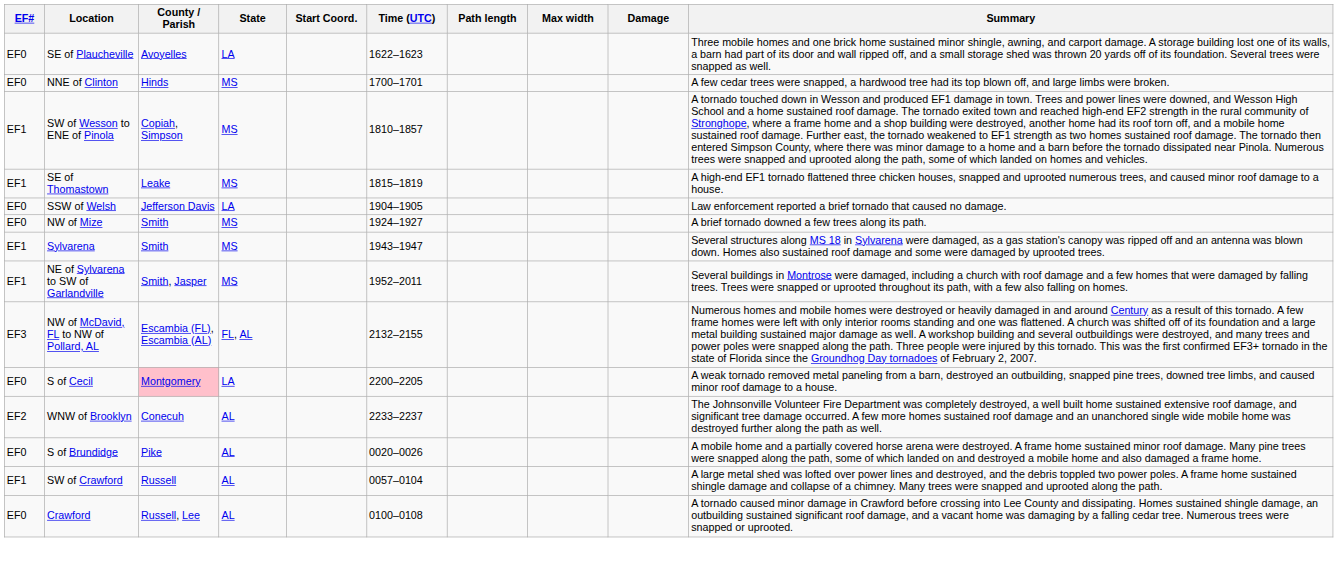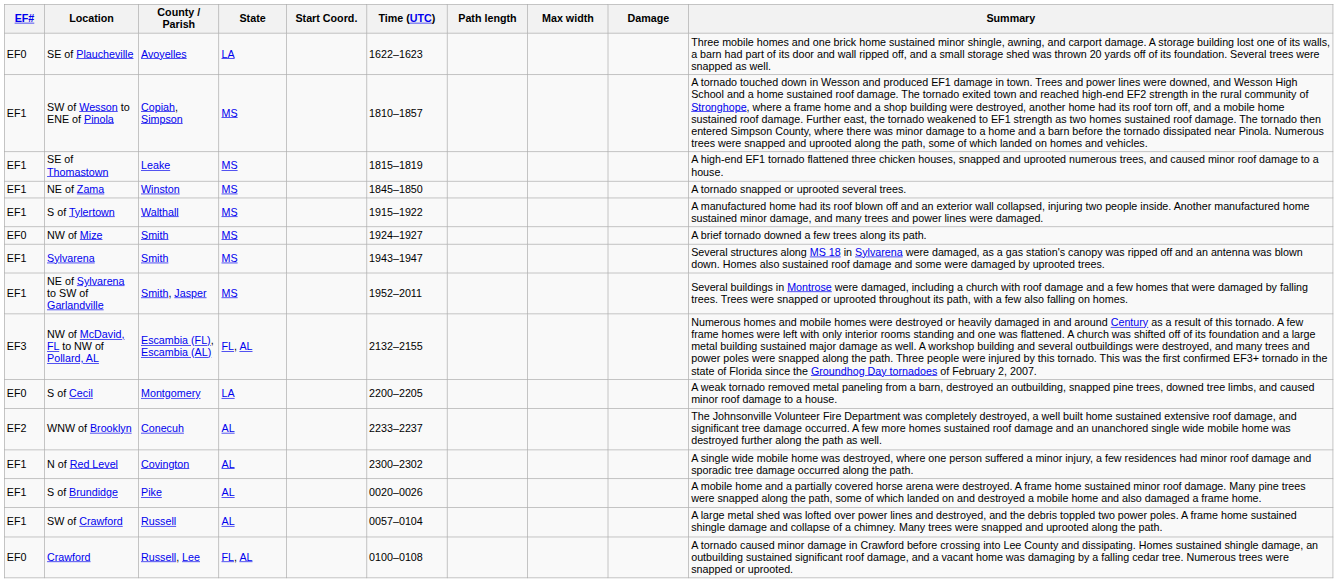 <table class="wikitable sortable" style="width:100%;">
 <tr>
 <th scope="col"  style="width:3%; text-align:center;"><a href='#'>EF#</a></th>
 <th scope="col"  style="width:7%; text-align:center;" class="unsortable">Location</th>
 <th scope="col"  style="width:6%; text-align:center;" class="unsortable">County / Parish</th>
 <th scope="col"  style="width:5%; text-align:center;">State</th>
 <th scope="col"  style="width:6%; text-align:center;">Start Coord.</th>
 <th scope="col"  style="width:6%; text-align:center;">Time (<a href='#'>UTC</a>)</th>
 <th scope="col"  style="width:6%; text-align:center;">Path length</th>
 <th scope="col"  style="width:6%; text-align:center;">Max width</th>
 <th scope="col"  style="width:6%; text-align:center;">Damage</th>
 <th scope="col" class="unsortable" style="width:48%; text-align:center;">Summary</th>
 </tr>
 <tr>
 <td>EF0</td>
 <td>SE of <a href='#'>Plaucheville</a></td>
 <td><a href='#'>Avoyelles</a></td>
 <td><a href='#'>LA</a></td>
 <td></td>
 <td>1622–1623</td>
 <td></td>
 <td></td>
 <td></td>
 <td>Three mobile homes and one brick home sustained minor shingle, awning, and carport damage. A storage building lost one of its walls, a barn had part of its door and wall ripped off, and a small storage shed was thrown 20 yards off of its foundation. Several trees were snapped as well.</td>
 </tr>
 <tr>
-<td>EF0</td>
-<td>NNE of <a href='#'>Clinton</a></td>
-<td><a href='#'>Hinds</a></td>
-<td><a href='#'>MS</a></td>
-<td></td>
-<td>1700–1701</td>
-<td></td>
-<td></td>
-<td></td>
-<td>A few cedar trees were snapped, a hardwood tree had its top blown off, and large limbs were broken.</td>
-</tr>
-<tr>
 <td>EF1</td>
 <td>SW of <a href='#'>Wesson</a> to ENE of <a href='#'>Pinola</a></td>
 <td><a href='#'>Copiah</a>, <a href='#'>Simpson</a></td>
 <td><a href='#'>MS</a></td>
 <td></td>
 <td>1810–1857</td>
 <td></td>
 <td></td>
 <td></td>
 <td>A tornado touched down in Wesson and produced EF1 damage in town. Trees and power lines were downed, and Wesson High School and a home sustained roof damage. The tornado exited town and reached high-end EF2 strength in the rural community of <a href='#'>Stronghope</a>, where a frame home and a shop building were destroyed, another home had its roof torn off,  and a mobile home sustained roof damage. Further east, the tornado weakened to EF1 strength as two homes sustained roof damage. The tornado then entered Simpson County, where there was minor damage to a home and a barn before the tornado dissipated near Pinola. Numerous trees were snapped and uprooted along the path, some of which landed on homes and vehicles.</td>
 </tr>
 <tr>
 <td>EF1</td>
 <td>SE of <a href='#'>Thomastown</a></td>
 <td><a href='#'>Leake</a></td>
 <td><a href='#'>MS</a></td>
 <td></td>
 <td>1815–1819</td>
 <td></td>
 <td></td>
 <td></td>
 <td>A high-end EF1 tornado flattened three chicken houses, snapped and uprooted numerous trees, and caused minor roof damage to a house.</td>
 </tr>
 <tr>
-<td>EF0</td>
-<td>SSW of <a href='#'>Welsh</a></td>
-<td><a href='#'>Jefferson Davis</a></td>
-<td><a href='#'>LA</a></td>
+<td>EF1</td>
+<td>NE of <a href='#'>Zama</a></td>
+<td><a href='#'>Winston</a></td>
+<td><a href='#'>MS</a></td>
 <td></td>
-<td>1904–1905</td>
+<td>1845–1850</td>
 <td></td>
 <td></td>
 <td></td>
-<td>Law enforcement reported a brief tornado that caused no damage.</td>
+<td>A tornado snapped or uprooted several trees.</td>
+</tr>
+<tr>
+<td>EF1</td>
+<td>S of <a href='#'>Tylertown</a></td>
+<td><a href='#'>Walthall</a></td>
+<td><a href='#'>MS</a></td>
+<td></td>
+<td>1915–1922</td>
+<td></td>
+<td></td>
+<td></td>
+<td>A manufactured home had its roof blown off and an exterior wall collapsed, injuring two people inside. Another manufactured home sustained minor damage, and many trees and power lines were damaged.</td>
 </tr>
 <tr>
 <td>EF0</td>
 <td>NW of <a href='#'>Mize</a></td>
 <td><a href='#'>Smith</a></td>
 <td><a href='#'>MS</a></td>
 <td></td>
 <td>1924–1927</td>
 <td></td>
 <td></td>
 <td></td>
 <td>A brief tornado downed a few trees along its path.</td>
 </tr>
 <tr>
 <td>EF1</td>
 <td><a href='#'>Sylvarena</a></td>
 <td><a href='#'>Smith</a></td>
 <td><a href='#'>MS</a></td>
 <td></td>
 <td>1943–1947</td>
 <td></td>
 <td></td>
 <td></td>
 <td>Several structures along <a href='#'>MS 18</a> in <a href='#'>Sylvarena</a> were damaged, as a gas station's canopy was ripped off and an antenna was blown down. Homes also sustained roof damage and some were damaged by uprooted trees.</td>
 </tr>
 <tr>
 <td>EF1</td>
 <td>NE of <a href='#'>Sylvarena</a> to SW of <a href='#'>Garlandville</a></td>
 <td><a href='#'>Smith</a>, <a href='#'>Jasper</a></td>
 <td><a href='#'>MS</a></td>
 <td></td>
 <td>1952–2011</td>
 <td></td>
 <td></td>
 <td></td>
 <td>Several buildings in <a href='#'>Montrose</a> were damaged, including a church with roof damage and a few homes that were damaged by falling trees. Trees were snapped or uprooted throughout its path, with a few also falling on homes.</td>
 </tr>
 <tr>
 <td>EF3</td>
 <td>NW of <a href='#'>McDavid, FL</a> to NW of <a href='#'>Pollard, AL</a></td>
 <td><a href='#'>Escambia (FL)</a>, <a href='#'>Escambia (AL)</a></td>
 <td><a href='#'>FL</a>, <a href='#'>AL</a></td>
 <td></td>
 <td>2132–2155</td>
 <td></td>
 <td></td>
 <td></td>
 <td>Numerous homes and mobile homes were destroyed or heavily damaged in and around <a href='#'>Century</a> as a result of this tornado. A few frame homes were left with only interior rooms standing and one was flattened. A church was shifted off of its foundation and a large metal building sustained major damage as well. A workshop building and several outbuildings were destroyed, and many trees and power poles were snapped along the path. Three people were injured by this tornado. This was the first confirmed EF3+ tornado in the state of Florida since the <a href='#'>Groundhog Day tornadoes</a> of February 2, 2007.</td>
 </tr>
 <tr>
 <td>EF0</td>
 <td>S of <a href='#'>Cecil</a></td>
-<td style="background: pink;"><a href='#'>Montgomery</a></td>
+<td><a href='#'>Montgomery</a></td>
 <td><a href='#'>LA</a></td>
 <td></td>
 <td>2200–2205</td>
 <td></td>
 <td></td>
 <td></td>
 <td>A weak tornado removed metal paneling from a barn, destroyed an outbuilding, snapped pine trees, downed tree limbs, and caused minor roof damage to a house.</td>
 </tr>
 <tr>
 <td>EF2</td>
 <td>WNW of <a href='#'>Brooklyn</a></td>
 <td><a href='#'>Conecuh</a></td>
 <td><a href='#'>AL</a></td>
 <td></td>
 <td>2233–2237</td>
 <td></td>
 <td></td>
 <td></td>
 <td>The Johnsonville Volunteer Fire Department was completely destroyed, a well built home sustained extensive roof damage, and significant tree damage occurred. A few more homes sustained roof damage and an unanchored single wide mobile home was destroyed further along the path as well.</td>
 </tr>
 <tr>
-<td>EF0</td>
+<td>EF1</td>
+<td>N of <a href='#'>Red Level</a></td>
+<td><a href='#'>Covington</a></td>
+<td><a href='#'>AL</a></td>
+<td></td>
+<td>2300–2302</td>
+<td></td>
+<td></td>
+<td></td>
+<td>A single wide mobile home was destroyed, where one person suffered a minor injury, a few residences had minor roof damage and sporadic tree damage occurred along the path.</td>
+</tr>
+<tr>
+<td>EF1</td>
 <td>S of <a href='#'>Brundidge</a></td>
 <td><a href='#'>Pike</a></td>
 <td><a href='#'>AL</a></td>
 <td></td>
 <td>0020–0026</td>
 <td></td>
 <td></td>
 <td></td>
 <td>A mobile home and a partially covered horse arena were destroyed. A frame home sustained minor roof damage. Many pine trees were snapped along the path, some of which landed on and destroyed a mobile home and also damaged a frame home.</td>
 </tr>
 <tr>
 <td>EF1</td>
 <td>SW of <a href='#'>Crawford</a></td>
 <td><a href='#'>Russell</a></td>
 <td><a href='#'>AL</a></td>
 <td></td>
 <td>0057–0104</td>
 <td></td>
 <td></td>
 <td></td>
 <td>A large metal shed was lofted over power lines and destroyed, and the debris toppled two power poles. A frame home sustained shingle damage and collapse of a chimney. Many trees were snapped and uprooted along the path.</td>
 </tr>
 <tr>
 <td>EF0</td>
 <td><a href='#'>Crawford</a></td>
 <td><a href='#'>Russell</a>, <a href='#'>Lee</a></td>
-<td><a href='#'>AL</a></td>
+<td><a href='#'>FL</a>, <a href='#'>AL</a></td>
 <td></td>
 <td>0100–0108</td>
 <td></td>
 <td></td>
 <td></td>
 <td>A tornado caused minor damage in Crawford before crossing into Lee County and dissipating. Homes sustained shingle damage, an outbuilding sustained significant roof damage, and a vacant home was damaging by a falling cedar tree. Numerous trees were snapped or uprooted.</td>
 </tr>
 </table>
